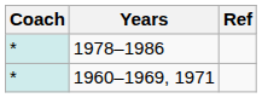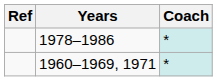 <table class="wikitable sortable" >
 <tr bgcolor="#efefef">
+<th class="unsortable">Ref</th>
+<th>Years</th>
 <th>Coach</th>
-<th>Years</th>
-<th class="unsortable">Ref</th>
 </tr>
 <tr>
+<td></td>
+<td>1978–1986</td>
 <td style="background:#cfecec;">*</td>
-<td>1978–1986</td>
-<td></td>
 </tr>
 <tr>
+<td></td>
+<td>1960–1969, 1971</td>
 <td style="background:#cfecec;">*</td>
-<td>1960–1969, 1971</td>
-<td></td>
 </tr>
 </table>
